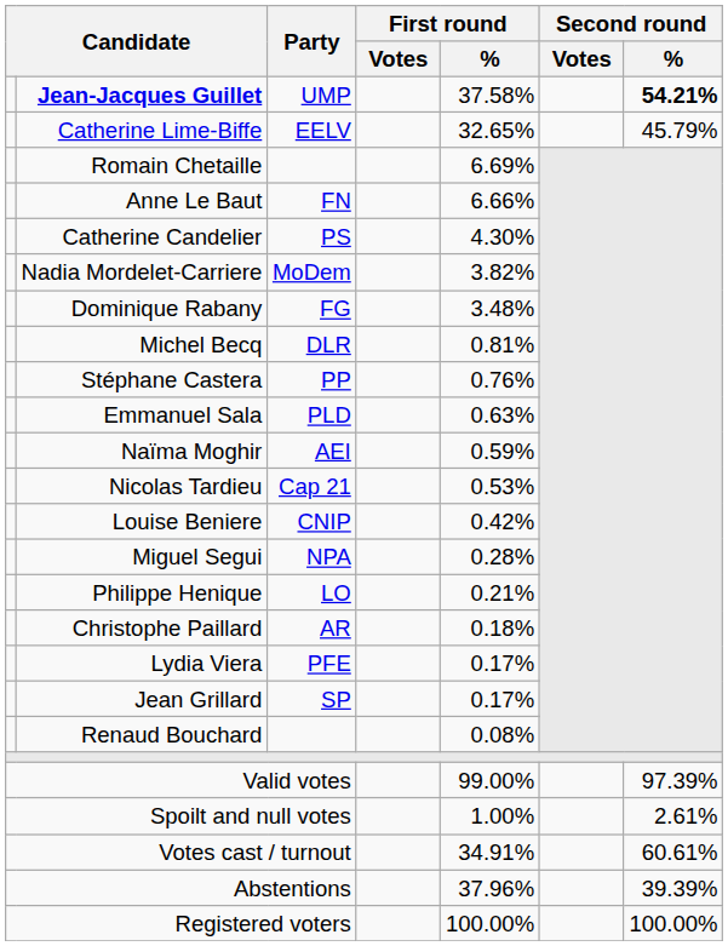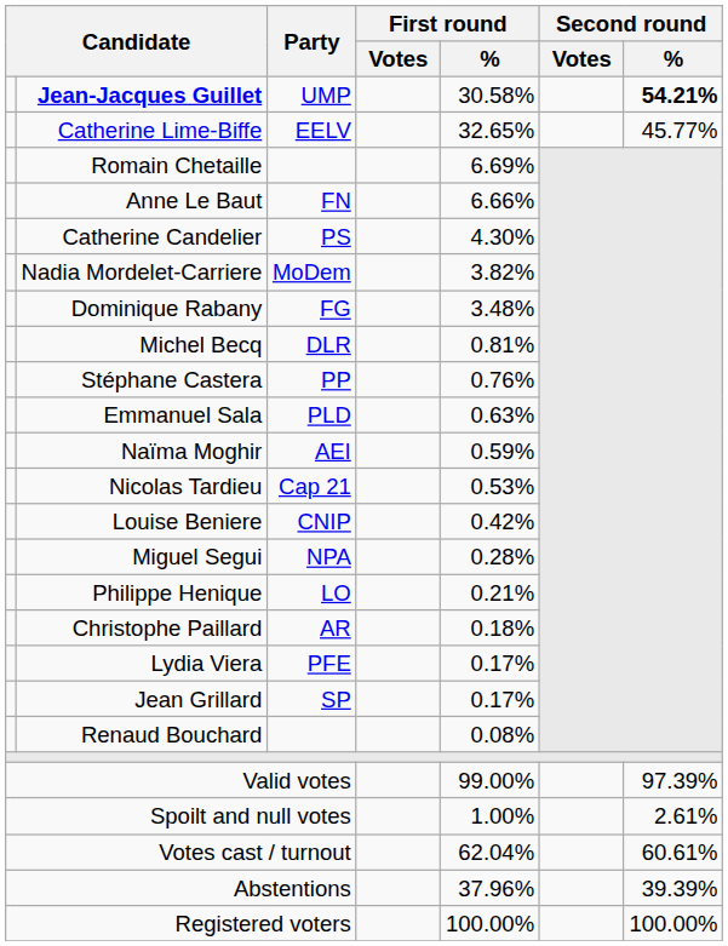 <table class="wikitable" style="text-align:right;font-size:95%;">
 <tr>
 <th rowspan=2 colspan=2>Candidate</th>
 <th rowspan=2 colspan=1>Party</th>
 <th colspan=2>First round</th>
 <th colspan=2>Second round</th>
 </tr>
 <tr>
 <th style="width:50px;">Votes</th>
 <th style="width:55px;">%</th>
 <th style="width:50px;">Votes</th>
 <th style="width:55px;">%</th>
 </tr>
 <tr>
 <td style="color:inherit;background-color:"></td>
 <td><strong><a href='#'>Jean-Jacques Guillet</a></strong></td>
 <td><a href='#'>UMP</a></td>
 <td></td>
-<td>37.58%</td>
+<td>30.58%</td>
 <td><strong></strong></td>
 <td><strong>54.21%</strong></td>
 </tr>
 <tr>
 <td style="color:inherit;background-color:"></td>
 <td><a href='#'>Catherine Lime-Biffe</a></td>
 <td><a href='#'>EELV</a></td>
 <td></td>
 <td>32.65%</td>
 <td></td>
-<td>45.79%</td>
+<td>45.77%</td>
 </tr>
 <tr>
 <td style="color:inherit;background-color:;"></td>
 <td>Romain Chetaille</td>
 <td></td>
 <td></td>
 <td>6.69%</td>
 <td colspan=7 rowspan=17 style="background-color:#E9E9E9;"></td>
 </tr>
 <tr>
 <td style="color:inherit;background-color:"></td>
 <td>Anne Le Baut</td>
 <td><a href='#'>FN</a></td>
 <td></td>
 <td>6.66%</td>
 </tr>
 <tr>
 <td style="color:inherit;background-color:"></td>
 <td>Catherine Candelier</td>
 <td><a href='#'>PS</a></td>
 <td></td>
 <td>4.30%</td>
 </tr>
 <tr>
 <td style="color:inherit;background-color:"></td>
 <td>Nadia Mordelet-Carriere</td>
 <td><a href='#'>MoDem</a></td>
 <td></td>
 <td>3.82%</td>
 </tr>
 <tr>
 <td style="color:inherit;background-color:"></td>
 <td>Dominique Rabany</td>
 <td><a href='#'>FG</a></td>
 <td></td>
 <td>3.48%</td>
 </tr>
 <tr>
 <td style="color:inherit;background-color:"></td>
 <td>Michel Becq</td>
 <td><a href='#'>DLR</a></td>
 <td></td>
 <td>0.81%</td>
 </tr>
 <tr>
 <td style="color:inherit;background-color:"></td>
 <td>Stéphane Castera</td>
 <td><a href='#'>PP</a></td>
 <td></td>
 <td>0.76%</td>
 </tr>
 <tr>
 <td style="color:inherit;background-color:"></td>
 <td>Emmanuel Sala</td>
 <td><a href='#'>PLD</a></td>
 <td></td>
 <td>0.63%</td>
 </tr>
 <tr>
 <td style="color:inherit;background-color:"></td>
 <td>Naïma Moghir</td>
 <td><a href='#'>AEI</a></td>
 <td></td>
 <td>0.59%</td>
 </tr>
 <tr>
 <td style="color:inherit;background-color:"></td>
 <td>Nicolas Tardieu</td>
 <td><a href='#'>Cap 21</a></td>
 <td></td>
 <td>0.53%</td>
 </tr>
 <tr>
 <td style="color:inherit;background-color:"></td>
 <td>Louise Beniere</td>
 <td><a href='#'>CNIP</a></td>
 <td></td>
 <td>0.42%</td>
 </tr>
 <tr>
 <td style="color:inherit;background-color:"></td>
 <td>Miguel Segui</td>
 <td><a href='#'>NPA</a></td>
 <td></td>
 <td>0.28%</td>
 </tr>
 <tr>
 <td style="color:inherit;background-color:"></td>
 <td>Philippe Henique</td>
 <td><a href='#'>LO</a></td>
 <td></td>
 <td>0.21%</td>
 </tr>
 <tr>
 <td style="color:inherit;background-color:"></td>
 <td>Christophe Paillard</td>
 <td><a href='#'>AR</a></td>
 <td></td>
 <td>0.18%</td>
 </tr>
 <tr>
 <td style="color:inherit;background-color:"></td>
 <td>Lydia Viera</td>
 <td><a href='#'>PFE</a></td>
 <td></td>
 <td>0.17%</td>
 </tr>
 <tr>
 <td style="color:inherit;background-color:"></td>
 <td>Jean Grillard</td>
 <td><a href='#'>SP</a></td>
 <td></td>
 <td>0.17%</td>
 </tr>
 <tr>
 <td style="color:inherit;background-color:;"></td>
 <td>Renaud Bouchard</td>
 <td></td>
 <td></td>
 <td>0.08%</td>
 </tr>
 <tr>
 <td colspan=7 style="background-color:#E9E9E9;"></td>
 </tr>
 <tr>
 <td colspan=3>Valid votes</td>
 <td></td>
 <td>99.00%</td>
 <td></td>
 <td>97.39%</td>
 </tr>
 <tr>
 <td colspan=3>Spoilt and null votes</td>
 <td></td>
 <td>1.00%</td>
 <td></td>
 <td>2.61%</td>
 </tr>
 <tr>
 <td colspan=3>Votes cast / turnout</td>
 <td></td>
-<td>34.91%</td>
+<td>62.04%</td>
 <td></td>
 <td>60.61%</td>
 </tr>
 <tr>
 <td colspan=3>Abstentions</td>
 <td></td>
 <td>37.96%</td>
 <td></td>
 <td>39.39%</td>
 </tr>
 <tr>
 <td colspan=3>Registered voters</td>
 <td></td>
 <td>100.00%</td>
 <td></td>
 <td>100.00%</td>
 </tr>
 </table>
